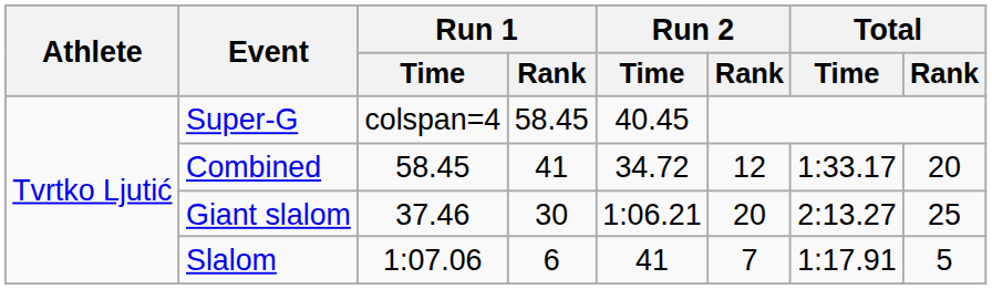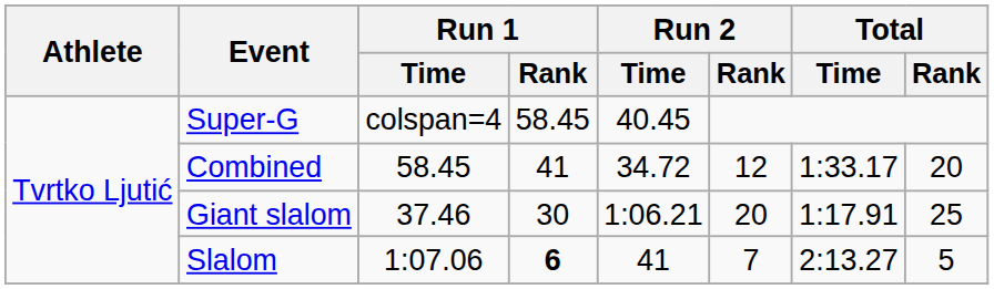 <table class="wikitable" style="font-size:90%">
 <tr>
 <th rowspan=2>Athlete</th>
 <th rowspan=2>Event</th>
 <th colspan=2>Run 1</th>
 <th colspan=2>Run 2</th>
 <th colspan=2>Total</th>
 </tr>
 <tr style="font-size:95%">
 <th>Time</th>
 <th>Rank</th>
 <th>Time</th>
 <th>Rank</th>
 <th>Time</th>
 <th>Rank</th>
 </tr>
 <tr align=center>
 <td align="left" rowspan="4"><a href='#'>Tvrtko Ljutić</a></td>
 <td align="left"><a href='#'>Super-G</a></td>
 <td>colspan=4</td>
 <td>58.45</td>
 <td>40.45</td>
 </tr>
 <tr align=center>
 <td align="left"><a href='#'>Combined</a></td>
 <td>58.45</td>
 <td>41</td>
 <td>34.72</td>
 <td>12</td>
 <td>1:33.17</td>
 <td>20</td>
 </tr>
 <tr align=center>
 <td align="left"><a href='#'>Giant slalom</a></td>
 <td>37.46</td>
 <td>30</td>
 <td>1:06.21</td>
 <td>20</td>
-<td>2:13.27</td>
+<td>1:17.91</td>
 <td>25</td>
 </tr>
 <tr align=center>
 <td align="left"><a href='#'>Slalom</a></td>
 <td>1:07.06</td>
-<td>6</td>
+<td><strong>6</strong></td>
 <td>41</td>
 <td>7</td>
-<td>1:17.91</td>
+<td>2:13.27</td>
 <td>5</td>
 </tr>
 </table>
